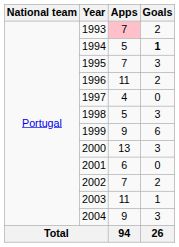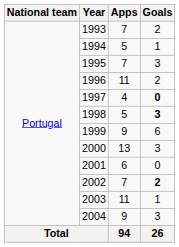 <table class="wikitable" style="text-align:center">
 <tr>
 <th>National team</th>
 <th>Year</th>
 <th>Apps</th>
 <th>Goals</th>
 </tr>
 <tr>
 <td rowspan="12"><a href='#'>Portugal</a></td>
 <td>1993</td>
-<td style="background: pink;">7</td>
+<td>7</td>
 <td>2</td>
 </tr>
 <tr>
 <td>1994</td>
 <td>5</td>
-<td><strong>1</strong></td>
+<td>1</td>
 </tr>
 <tr>
 <td>1995</td>
 <td>7</td>
 <td>3</td>
 </tr>
 <tr>
 <td>1996</td>
 <td>11</td>
 <td>2</td>
 </tr>
 <tr>
 <td>1997</td>
 <td>4</td>
-<td>0</td>
+<td><strong>0</strong></td>
 </tr>
 <tr>
 <td>1998</td>
 <td>5</td>
-<td>3</td>
+<td><strong>3</strong></td>
 </tr>
 <tr>
 <td>1999</td>
 <td>9</td>
 <td>6</td>
 </tr>
 <tr>
 <td>2000</td>
 <td>13</td>
 <td>3</td>
 </tr>
 <tr>
 <td>2001</td>
 <td>6</td>
 <td>0</td>
 </tr>
 <tr>
 <td>2002</td>
 <td>7</td>
-<td>2</td>
+<td><strong>2</strong></td>
 </tr>
 <tr>
 <td>2003</td>
 <td>11</td>
 <td>1</td>
 </tr>
 <tr>
 <td>2004</td>
 <td>9</td>
 <td>3</td>
 </tr>
 <tr>
 <th colspan="2">Total</th>
 <th>94</th>
 <th>26</th>
 </tr>
 </table>
